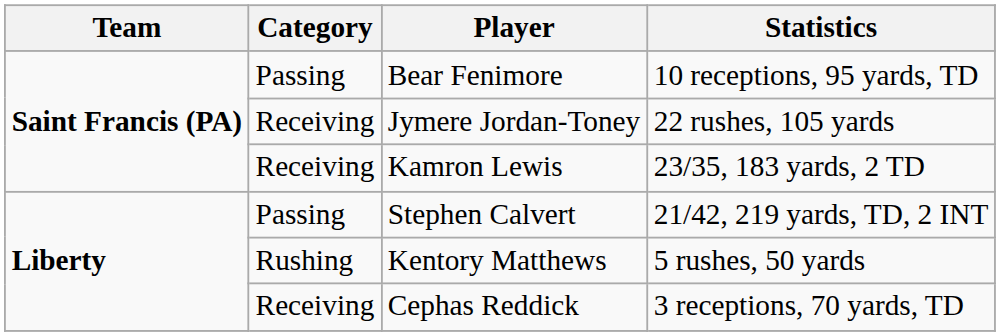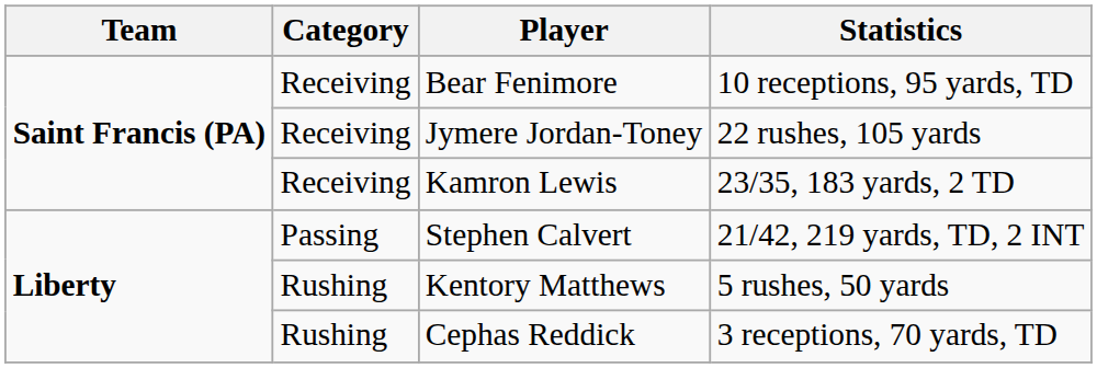 <table class="wikitable" style="float: left;">
 <tr>
 <th>Team</th>
 <th>Category</th>
 <th>Player</th>
 <th>Statistics</th>
 </tr>
 <tr>
 <td rowspan=3><strong>Saint Francis (PA)</strong></td>
-<td>Passing</td>
+<td>Receiving</td>
 <td>Bear Fenimore</td>
 <td>10 receptions, 95 yards, TD</td>
 </tr>
 <tr>
 <td>Receiving</td>
 <td>Jymere Jordan-Toney</td>
 <td>22 rushes, 105 yards</td>
 </tr>
 <tr>
 <td>Receiving</td>
 <td>Kamron Lewis</td>
 <td>23/35, 183 yards, 2 TD</td>
 </tr>
 <tr>
 <td rowspan=3><strong>Liberty</strong></td>
 <td>Passing</td>
 <td>Stephen Calvert</td>
 <td>21/42, 219 yards, TD, 2 INT</td>
 </tr>
 <tr>
 <td>Rushing</td>
 <td>Kentory Matthews</td>
 <td>5 rushes, 50 yards</td>
 </tr>
 <tr>
-<td>Receiving</td>
+<td>Rushing</td>
 <td>Cephas Reddick</td>
 <td>3 receptions, 70 yards, TD</td>
 </tr>
 </table>
